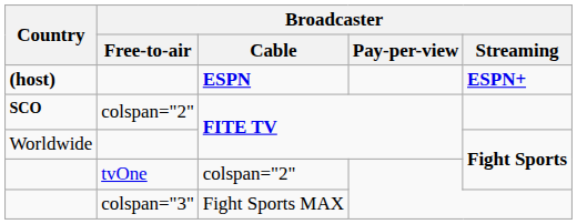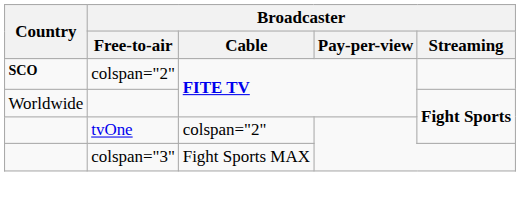 <table class="wikitable">
 <tr>
 <th rowspan="2">Country</th>
 <th colspan="4">Broadcaster</th>
 </tr>
 <tr>
 <th>Free-to-air</th>
 <th>Cable</th>
 <th>Pay-per-view</th>
 <th>Streaming</th>
-</tr>
-<tr>
-<td><strong> (host)</strong></td>
-<td></td>
-<td><strong><a href='#'>ESPN</a></strong></td>
-<td></td>
-<td><strong><a href='#'>ESPN+</a></strong></td>
 </tr>
 <tr>
 <td><strong><sup>SCO</sup></strong></td>
 <td>colspan="2" </td>
 <td colspan="2" rowspan="2"><strong><a href='#'>FITE TV</a></strong></td>
 </tr>
 <tr>
 <td>Worldwide</td>
 <td></td>
 <td rowspan="2"><strong>Fight Sports</strong></td>
 </tr>
 <tr>
 <td></td>
 <td><a href='#'>tvOne</a></td>
 <td>colspan="2" </td>
 </tr>
 <tr>
 <td></td>
 <td>colspan="3" </td>
 <td>Fight Sports MAX</td>
 </tr>
 </table>
